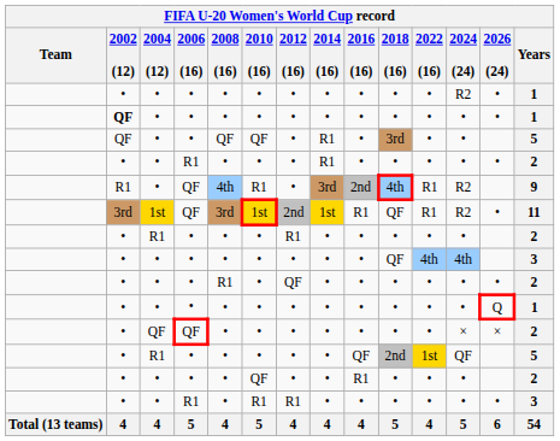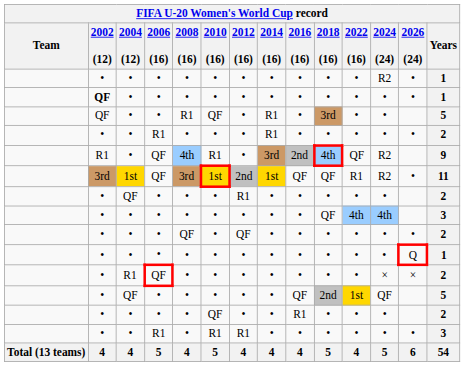 <table class="wikitable" style="text-align:center; font-size:85%;">
 <tr>
 <th colspan=14><a href='#'>FIFA U-20 Women's World Cup</a> record</th>
 </tr>
 <tr>
 <th>Team</th>
 <th><a href='#'>2002</a><br><br>(12)</th>
 <th><a href='#'>2004</a><br><br>(12)</th>
 <th><a href='#'>2006</a><br><br>(16)</th>
 <th><a href='#'>2008</a><br><br>(16)</th>
 <th><a href='#'>2010</a><br><br>(16)</th>
 <th><a href='#'>2012</a><br><br>(16)</th>
 <th><a href='#'>2014</a><br><br>(16)</th>
 <th><a href='#'>2016</a><br><br>(16)</th>
 <th><a href='#'>2018</a><br><br>(16)</th>
 <th><a href='#'>2022</a><br><br>(16)</th>
 <th><a href='#'>2024</a><br><br>(24)</th>
 <th><a href='#'>2026</a><br><br>(24)</th>
 <th>Years</th>
 </tr>
 <tr align=center>
 <td align=left></td>
 <td>•</td>
 <td>•</td>
 <td>•</td>
 <td>•</td>
 <td>•</td>
 <td>•</td>
 <td>•</td>
 <td>•</td>
 <td>•</td>
 <td>•</td>
 <td>R2</td>
 <td>•</td>
 <th><strong>1</strong></th>
 </tr>
 <tr align=center>
 <td align=left></td>
 <td><strong>QF</strong></td>
 <td>•</td>
 <td>•</td>
 <td>•</td>
 <td>•</td>
 <td>•</td>
 <td>•</td>
 <td>•</td>
 <td>•</td>
 <td>•</td>
 <td>•</td>
 <td>•</td>
 <th><strong>1</strong></th>
 </tr>
 <tr align=center>
 <td align=left></td>
 <td>QF</td>
 <td>•</td>
 <td>•</td>
-<td>QF</td>
+<td>R1</td>
 <td>QF</td>
 <td>•</td>
 <td>R1</td>
 <td>•</td>
 <td bgcolor=#cc9966>3rd</td>
 <td>•</td>
 <td>•</td>
 <td></td>
 <th><strong>5</strong></th>
 </tr>
 <tr align=center>
 <td align=left></td>
 <td>•</td>
 <td>•</td>
 <td>R1</td>
 <td>•</td>
 <td>•</td>
 <td>•</td>
 <td>R1</td>
 <td>•</td>
 <td>•</td>
 <td>•</td>
 <td>•</td>
 <td>•</td>
 <th><strong>2</strong></th>
 </tr>
 <tr align=center>
 <td align=left></td>
 <td>R1</td>
 <td>•</td>
 <td>QF</td>
 <td bgcolor=#9acdff>4th</td>
 <td>R1</td>
 <td>•</td>
 <td bgcolor=#cc9966>3rd</td>
 <td bgcolor=silver>2nd</td>
 <td style="border: 3px solid red" bgcolor=#9acdff>4th</td>
-<td>R1</td>
+<td>QF</td>
 <td>R2</td>
 <td></td>
 <th><strong>9</strong></th>
 </tr>
 <tr align=center>
 <td align=left></td>
 <td bgcolor=#cc9966>3rd</td>
 <td bgcolor=gold>1st</td>
 <td>QF</td>
 <td bgcolor=#cc9966>3rd</td>
 <td style="border: 3px solid red" bgcolor=gold>1st</td>
 <td bgcolor=silver>2nd</td>
 <td bgcolor=gold>1st</td>
-<td>R1</td>
+<td>QF</td>
 <td>QF</td>
 <td>R1</td>
 <td>R2</td>
 <td>•</td>
 <th><strong>11</strong></th>
 </tr>
 <tr align=center>
 <td align=left></td>
 <td>•</td>
-<td>R1</td>
+<td>QF</td>
 <td>•</td>
 <td>•</td>
 <td>•</td>
 <td>R1</td>
 <td>•</td>
 <td>•</td>
 <td>•</td>
 <td>•</td>
 <td>•</td>
 <td></td>
 <th><strong>2</strong></th>
 </tr>
 <tr align=center>
 <td align=left></td>
 <td>•</td>
 <td>•</td>
 <td>•</td>
 <td>•</td>
 <td>•</td>
 <td>•</td>
 <td>•</td>
 <td>•</td>
 <td>QF</td>
 <td bgcolor=#9acdff>4th</td>
 <td bgcolor=#9acdff>4th</td>
 <td></td>
 <th><strong>3</strong></th>
 </tr>
 <tr align=center>
 <td align=left></td>
 <td>•</td>
 <td>•</td>
 <td>•</td>
-<td>R1</td>
+<td>QF</td>
 <td>•</td>
 <td>QF</td>
 <td>•</td>
 <td>•</td>
 <td>•</td>
 <td>•</td>
 <td>•</td>
 <td>•</td>
 <th><strong>2</strong></th>
 </tr>
 <tr align=center>
 <td align=left></td>
 <td>•</td>
 <td>•</td>
 <td>•</td>
 <td>•</td>
 <td>•</td>
 <td>•</td>
 <td>•</td>
 <td>•</td>
 <td>•</td>
 <td>•</td>
 <td>•</td>
 <td style="border: 3px solid red">Q</td>
 <th><strong>1</strong></th>
 </tr>
 <tr align=center>
 <td align=left></td>
 <td>•</td>
-<td>QF</td>
+<td>R1</td>
 <td style="border: 3px solid red">QF</td>
 <td>•</td>
 <td>•</td>
 <td>•</td>
 <td>•</td>
 <td>•</td>
 <td>•</td>
 <td>•</td>
 <td>×</td>
 <td>×</td>
 <th><strong>2</strong></th>
 </tr>
 <tr align=center>
 <td align=left></td>
 <td>•</td>
-<td>R1</td>
+<td>QF</td>
 <td>•</td>
 <td>•</td>
 <td>•</td>
 <td>•</td>
 <td>•</td>
 <td>QF</td>
 <td bgcolor=silver>2nd</td>
 <td bgcolor=gold>1st</td>
 <td>QF</td>
 <td></td>
 <th><strong>5</strong></th>
 </tr>
 <tr align=center>
 <td align=left></td>
 <td>•</td>
 <td>•</td>
 <td>•</td>
 <td>•</td>
 <td>QF</td>
 <td>•</td>
 <td>•</td>
 <td>R1</td>
 <td>•</td>
 <td>•</td>
 <td>•</td>
 <td></td>
 <th><strong>2</strong></th>
 </tr>
 <tr align=center>
 <td align=left></td>
 <td>•</td>
 <td>•</td>
 <td>R1</td>
 <td>•</td>
 <td>R1</td>
 <td>R1</td>
 <td>•</td>
 <td>•</td>
 <td>•</td>
 <td>•</td>
 <td>•</td>
 <td>•</td>
 <th><strong>3</strong></th>
 </tr>
 <tr>
 <th align=left>Total (13 teams)</th>
 <th>4</th>
 <th>4</th>
 <th>5</th>
 <th>4</th>
 <th>5</th>
 <th>4</th>
 <th>4</th>
 <th>4</th>
 <th>5</th>
 <th>4</th>
 <th>5</th>
 <th>6</th>
 <th>54</th>
 </tr>
 </table>
